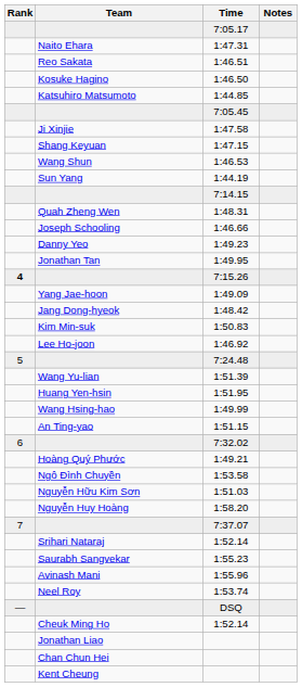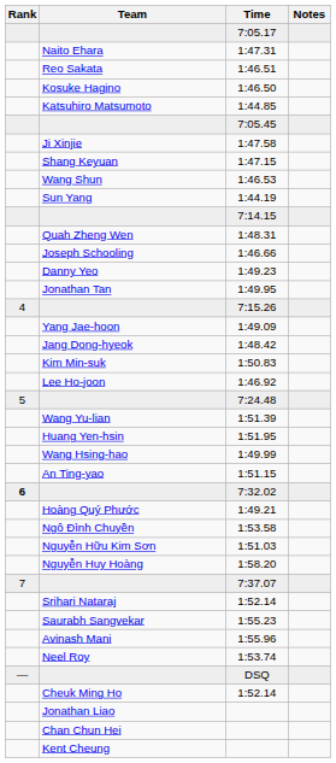 <table class="wikitable" style="text-align:center">
 <tr>
 <th width=40>Rank</th>
 <th width=250>Team</th>
 <th width=80>Time</th>
 <th width=50>Notes</th>
 </tr>
 <tr bgcolor=eeeeee>
 <td></td>
 <td align=left></td>
 <td>7:05.17</td>
 <td></td>
 </tr>
 <tr>
 <td></td>
 <td align=left><a href='#'>Naito Ehara</a></td>
 <td>1:47.31</td>
 <td></td>
 </tr>
 <tr>
 <td></td>
 <td align=left><a href='#'>Reo Sakata</a></td>
 <td>1:46.51</td>
 <td></td>
 </tr>
 <tr>
 <td></td>
 <td align=left><a href='#'>Kosuke Hagino</a></td>
 <td>1:46.50</td>
 <td></td>
 </tr>
 <tr>
 <td></td>
 <td align=left><a href='#'>Katsuhiro Matsumoto</a></td>
 <td>1:44.85</td>
 <td></td>
 </tr>
 <tr bgcolor=eeeeee>
 <td></td>
 <td align=left></td>
 <td>7:05.45</td>
 <td></td>
 </tr>
 <tr>
 <td></td>
 <td align=left><a href='#'>Ji Xinjie</a></td>
 <td>1:47.58</td>
 <td></td>
 </tr>
 <tr>
 <td></td>
 <td align=left><a href='#'>Shang Keyuan</a></td>
 <td>1:47.15</td>
 <td></td>
 </tr>
 <tr>
 <td></td>
 <td align=left><a href='#'>Wang Shun</a></td>
 <td>1:46.53</td>
 <td></td>
 </tr>
 <tr>
 <td></td>
 <td align=left><a href='#'>Sun Yang</a></td>
 <td>1:44.19</td>
 <td></td>
 </tr>
 <tr bgcolor=eeeeee>
 <td></td>
 <td align=left></td>
 <td>7:14.15</td>
 <td></td>
 </tr>
 <tr>
 <td></td>
 <td align=left><a href='#'>Quah Zheng Wen</a></td>
 <td>1:48.31</td>
 <td></td>
 </tr>
 <tr>
 <td></td>
 <td align=left><a href='#'>Joseph Schooling</a></td>
 <td>1:46.66</td>
 <td></td>
 </tr>
 <tr>
 <td></td>
 <td align=left><a href='#'>Danny Yeo</a></td>
 <td>1:49.23</td>
 <td></td>
 </tr>
 <tr>
 <td></td>
 <td align=left><a href='#'>Jonathan Tan</a></td>
 <td>1:49.95</td>
 <td></td>
 </tr>
 <tr bgcolor=eeeeee>
-<td><strong>4</strong></td>
+<td>4</td>
 <td align=left></td>
 <td>7:15.26</td>
 <td></td>
 </tr>
 <tr>
 <td></td>
 <td align=left><a href='#'>Yang Jae-hoon</a></td>
 <td>1:49.09</td>
 <td></td>
 </tr>
 <tr>
 <td></td>
 <td align=left><a href='#'>Jang Dong-hyeok</a></td>
 <td>1:48.42</td>
 <td></td>
 </tr>
 <tr>
 <td></td>
 <td align=left><a href='#'>Kim Min-suk</a></td>
 <td>1:50.83</td>
 <td></td>
 </tr>
 <tr>
 <td></td>
 <td align=left><a href='#'>Lee Ho-joon</a></td>
 <td>1:46.92</td>
 <td></td>
 </tr>
 <tr bgcolor=eeeeee>
 <td>5</td>
 <td align=left></td>
 <td>7:24.48</td>
 <td></td>
 </tr>
 <tr>
 <td></td>
 <td align=left><a href='#'>Wang Yu-lian</a></td>
 <td>1:51.39</td>
 <td></td>
 </tr>
 <tr>
 <td></td>
 <td align=left><a href='#'>Huang Yen-hsin</a></td>
 <td>1:51.95</td>
 <td></td>
 </tr>
 <tr>
 <td></td>
 <td align=left><a href='#'>Wang Hsing-hao</a></td>
 <td>1:49.99</td>
 <td></td>
 </tr>
 <tr>
 <td></td>
 <td align=left><a href='#'>An Ting-yao</a></td>
 <td>1:51.15</td>
 <td></td>
 </tr>
 <tr bgcolor=eeeeee>
-<td>6</td>
+<td><strong>6</strong></td>
 <td align=left></td>
 <td>7:32.02</td>
 <td></td>
 </tr>
 <tr>
 <td></td>
 <td align=left><a href='#'>Hoàng Quý Phước</a></td>
 <td>1:49.21</td>
 <td></td>
 </tr>
 <tr>
 <td></td>
 <td align=left><a href='#'>Ngô Đình Chuyền</a></td>
 <td>1:53.58</td>
 <td></td>
 </tr>
 <tr>
 <td></td>
 <td align=left><a href='#'>Nguyễn Hữu Kim Sơn</a></td>
 <td>1:51.03</td>
 <td></td>
 </tr>
 <tr>
 <td></td>
 <td align=left><a href='#'>Nguyễn Huy Hoàng</a></td>
 <td>1:58.20</td>
 <td></td>
 </tr>
 <tr bgcolor=eeeeee>
 <td>7</td>
 <td align=left></td>
 <td>7:37.07</td>
 <td></td>
 </tr>
 <tr>
 <td></td>
 <td align=left><a href='#'>Srihari Nataraj</a></td>
 <td>1:52.14</td>
 <td></td>
 </tr>
 <tr>
 <td></td>
 <td align=left><a href='#'>Saurabh Sangvekar</a></td>
 <td>1:55.23</td>
 <td></td>
 </tr>
 <tr>
 <td></td>
 <td align=left><a href='#'>Avinash Mani</a></td>
 <td>1:55.96</td>
 <td></td>
 </tr>
 <tr>
 <td></td>
 <td align=left><a href='#'>Neel Roy</a></td>
 <td>1:53.74</td>
 <td></td>
 </tr>
 <tr bgcolor=eeeeee>
 <td>—</td>
 <td align=left></td>
 <td>DSQ</td>
 <td></td>
 </tr>
 <tr>
 <td></td>
 <td align=left><a href='#'>Cheuk Ming Ho</a></td>
 <td>1:52.14</td>
 <td></td>
 </tr>
 <tr>
 <td></td>
 <td align=left><a href='#'>Jonathan Liao</a></td>
 <td></td>
 <td></td>
 </tr>
 <tr>
 <td></td>
 <td align=left><a href='#'>Chan Chun Hei</a></td>
 <td></td>
 <td></td>
 </tr>
 <tr>
 <td></td>
 <td align=left><a href='#'>Kent Cheung</a></td>
 <td></td>
 <td></td>
 </tr>
 </table>
